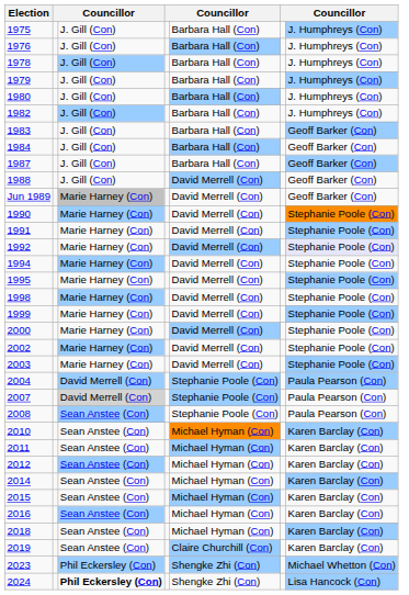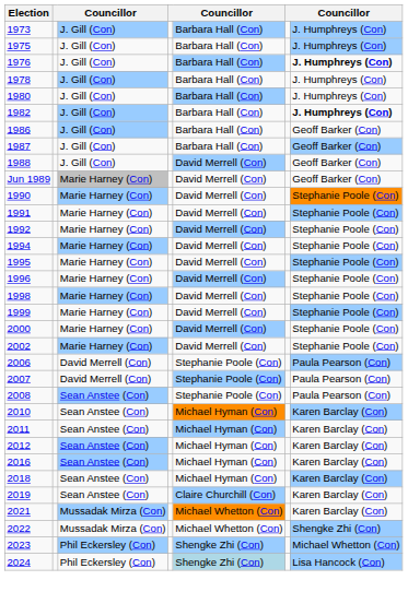 <table class="wikitable">
 <tr>
 <th>Election</th>
 <th colspan="2">Councillor</th>
 <th colspan="2">Councillor</th>
 <th colspan="2">Councillor</th>
+</tr>
+<tr>
+<td><a href='#'>1973</a></td>
+<td style="background-color: "></td>
+<td bgcolor="#99CCFF">J. Gill (<a href='#'>Con</a>)</td>
+<td style="background-color: "></td>
+<td bgcolor="#99CCFF">Barbara Hall (<a href='#'>Con</a>)</td>
+<td style="background-color: "></td>
+<td bgcolor="#99CCFF">J. Humphreys (<a href='#'>Con</a>)</td>
 </tr>
 <tr>
 <td><a href='#'>1975</a></td>
 <td style="background-color: "></td>
 <td>J. Gill (<a href='#'>Con</a>)</td>
 <td style="background-color: "></td>
 <td>Barbara Hall (<a href='#'>Con</a>)</td>
 <td style="background-color: "></td>
 <td bgcolor="#99CCFF">J. Humphreys (<a href='#'>Con</a>)</td>
 </tr>
 <tr>
 <td><a href='#'>1976</a></td>
 <td style="background-color: "></td>
 <td>J. Gill (<a href='#'>Con</a>)</td>
 <td style="background-color: "></td>
 <td bgcolor="#99CCFF">Barbara Hall (<a href='#'>Con</a>)</td>
 <td style="background-color: "></td>
-<td>J. Humphreys (<a href='#'>Con</a>)</td>
+<td><strong>J. Humphreys (<a href='#'>Con</a>)</strong></td>
 </tr>
 <tr>
 <td><a href='#'>1978</a></td>
 <td style="background-color: "></td>
 <td bgcolor="#99CCFF">J. Gill (<a href='#'>Con</a>)</td>
 <td style="background-color: "></td>
 <td>Barbara Hall (<a href='#'>Con</a>)</td>
 <td style="background-color: "></td>
 <td>J. Humphreys (<a href='#'>Con</a>)</td>
-</tr>
-<tr>
-<td><a href='#'>1979</a></td>
-<td style="background-color: "></td>
-<td>J. Gill (<a href='#'>Con</a>)</td>
-<td style="background-color: "></td>
-<td>Barbara Hall (<a href='#'>Con</a>)</td>
-<td style="background-color: "></td>
-<td bgcolor="#99CCFF">J. Humphreys (<a href='#'>Con</a>)</td>
 </tr>
 <tr>
 <td><a href='#'>1980</a></td>
 <td style="background-color: "></td>
 <td>J. Gill (<a href='#'>Con</a>)</td>
 <td style="background-color: "></td>
 <td bgcolor="#99CCFF">Barbara Hall (<a href='#'>Con</a>)</td>
 <td style="background-color: "></td>
 <td>J. Humphreys (<a href='#'>Con</a>)</td>
 </tr>
 <tr>
 <td><a href='#'>1982</a></td>
 <td style="background-color: "></td>
 <td bgcolor="#99CCFF">J. Gill (<a href='#'>Con</a>)</td>
 <td style="background-color: "></td>
 <td>Barbara Hall (<a href='#'>Con</a>)</td>
 <td style="background-color: "></td>
-<td>J. Humphreys (<a href='#'>Con</a>)</td>
+<td><strong>J. Humphreys (<a href='#'>Con</a>)</strong></td>
 </tr>
 <tr>
-<td><a href='#'>1983</a></td>
+<td><a href='#'>1986</a></td>
 <td style="background-color: "></td>
-<td>J. Gill (<a href='#'>Con</a>)</td>
+<td bgcolor="#99CCFF">J. Gill (<a href='#'>Con</a>)</td>
 <td style="background-color: "></td>
 <td>Barbara Hall (<a href='#'>Con</a>)</td>
-<td style="background-color: "></td>
-<td bgcolor="#99CCFF">Geoff Barker (<a href='#'>Con</a>)</td>
-</tr>
-<tr>
-<td><a href='#'>1984</a></td>
-<td style="background-color: "></td>
-<td>J. Gill (<a href='#'>Con</a>)</td>
-<td style="background-color: "></td>
-<td bgcolor="#99CCFF">Barbara Hall (<a href='#'>Con</a>)</td>
 <td style="background-color: "></td>
 <td>Geoff Barker (<a href='#'>Con</a>)</td>
 </tr>
 <tr>
 <td><a href='#'>1987</a></td>
 <td style="background-color: "></td>
 <td>J. Gill (<a href='#'>Con</a>)</td>
 <td style="background-color: "></td>
 <td>Barbara Hall (<a href='#'>Con</a>)</td>
 <td style="background-color: "></td>
 <td bgcolor="#99CCFF">Geoff Barker (<a href='#'>Con</a>)</td>
 </tr>
 <tr>
 <td><a href='#'>1988</a></td>
 <td style="background-color: "></td>
 <td>J. Gill (<a href='#'>Con</a>)</td>
 <td style="background-color: "></td>
 <td bgcolor="#99CCFF">David Merrell (<a href='#'>Con</a>)</td>
 <td style="background-color: "></td>
 <td>Geoff Barker (<a href='#'>Con</a>)</td>
 </tr>
 <tr>
 <td><a href='#'>Jun 1989</a></td>
 <td style="background-color: "></td>
 <td bgcolor="#C0C0C0">Marie Harney (<a href='#'>Con</a>)</td>
 <td style="background-color: "></td>
 <td>David Merrell (<a href='#'>Con</a>)</td>
 <td style="background-color: "></td>
 <td>Geoff Barker (<a href='#'>Con</a>)</td>
 </tr>
 <tr>
 <td><a href='#'>1990</a></td>
 <td style="background-color: "></td>
 <td bgcolor="#99CCFF">Marie Harney (<a href='#'>Con</a>)</td>
 <td style="background-color: "></td>
 <td>David Merrell (<a href='#'>Con</a>)</td>
 <td style="background-color: "></td>
 <td bgcolor="#FF8C00">Stephanie Poole (<a href='#'>Con</a>)</td>
 </tr>
 <tr>
 <td><a href='#'>1991</a></td>
 <td style="background-color: "></td>
 <td>Marie Harney (<a href='#'>Con</a>)</td>
 <td style="background-color: "></td>
 <td>David Merrell (<a href='#'>Con</a>)</td>
 <td style="background-color: "></td>
 <td bgcolor="#99CCFF">Stephanie Poole (<a href='#'>Con</a>)</td>
 </tr>
 <tr>
 <td><a href='#'>1992</a></td>
 <td style="background-color: "></td>
 <td>Marie Harney (<a href='#'>Con</a>)</td>
 <td style="background-color: "></td>
 <td bgcolor="#99CCFF">David Merrell (<a href='#'>Con</a>)</td>
 <td style="background-color: "></td>
-<td style="background: lavender;">Stephanie Poole (<a href='#'>Con</a>)</td>
+<td>Stephanie Poole (<a href='#'>Con</a>)</td>
 </tr>
 <tr>
 <td><a href='#'>1994</a></td>
 <td style="background-color: "></td>
 <td bgcolor="#99CCFF">Marie Harney (<a href='#'>Con</a>)</td>
 <td style="background-color: "></td>
 <td>David Merrell (<a href='#'>Con</a>)</td>
 <td style="background-color: "></td>
 <td>Stephanie Poole (<a href='#'>Con</a>)</td>
 </tr>
 <tr>
 <td><a href='#'>1995</a></td>
 <td style="background-color: "></td>
 <td>Marie Harney (<a href='#'>Con</a>)</td>
 <td style="background-color: "></td>
 <td>David Merrell (<a href='#'>Con</a>)</td>
 <td style="background-color: "></td>
 <td bgcolor="#99CCFF">Stephanie Poole (<a href='#'>Con</a>)</td>
+</tr>
+<tr>
+<td><a href='#'>1996</a></td>
+<td style="background-color: "></td>
+<td>Marie Harney (<a href='#'>Con</a>)</td>
+<td style="background-color: "></td>
+<td bgcolor="#99CCFF">David Merrell (<a href='#'>Con</a>)</td>
+<td style="background-color: "></td>
+<td>Stephanie Poole (<a href='#'>Con</a>)</td>
 </tr>
 <tr>
 <td><a href='#'>1998</a></td>
 <td style="background-color: "></td>
 <td bgcolor="#99CCFF">Marie Harney (<a href='#'>Con</a>)</td>
 <td style="background-color: "></td>
 <td>David Merrell (<a href='#'>Con</a>)</td>
 <td style="background-color: "></td>
 <td>Stephanie Poole (<a href='#'>Con</a>)</td>
 </tr>
 <tr>
 <td><a href='#'>1999</a></td>
 <td style="background-color: "></td>
 <td>Marie Harney (<a href='#'>Con</a>)</td>
 <td style="background-color: "></td>
 <td>David Merrell (<a href='#'>Con</a>)</td>
 <td style="background-color: "></td>
 <td bgcolor="#99CCFF">Stephanie Poole (<a href='#'>Con</a>)</td>
 </tr>
 <tr>
 <td><a href='#'>2000</a></td>
 <td style="background-color: "></td>
 <td>Marie Harney (<a href='#'>Con</a>)</td>
 <td style="background-color: "></td>
 <td bgcolor="#99CCFF">David Merrell (<a href='#'>Con</a>)</td>
 <td style="background-color: "></td>
 <td>Stephanie Poole (<a href='#'>Con</a>)</td>
 </tr>
 <tr>
 <td><a href='#'>2002</a></td>
 <td style="background-color: "></td>
 <td bgcolor="#99CCFF">Marie Harney (<a href='#'>Con</a>)</td>
 <td style="background-color: "></td>
 <td>David Merrell (<a href='#'>Con</a>)</td>
 <td style="background-color: "></td>
 <td>Stephanie Poole (<a href='#'>Con</a>)</td>
 </tr>
 <tr>
-<td><a href='#'>2003</a></td>
-<td style="background-color: "></td>
-<td>Marie Harney (<a href='#'>Con</a>)</td>
+<td><a href='#'>2006</a></td>
 <td style="background-color: "></td>
 <td>David Merrell (<a href='#'>Con</a>)</td>
 <td style="background-color: "></td>
-<td bgcolor="#99CCFF">Stephanie Poole (<a href='#'>Con</a>)</td>
-</tr>
-<tr>
-<td><a href='#'>2004</a></td>
-<td style="background-color: "></td>
-<td bgcolor="#99CCFF">David Merrell (<a href='#'>Con</a>)</td>
-<td style="background-color: "></td>
-<td bgcolor="#99CCFF">Stephanie Poole (<a href='#'>Con</a>)</td>
+<td>Stephanie Poole (<a href='#'>Con</a>)</td>
 <td style="background-color: "></td>
 <td bgcolor="#99CCFF">Paula Pearson (<a href='#'>Con</a>)</td>
 </tr>
 <tr>
 <td><a href='#'>2007</a></td>
 <td style="background-color: "></td>
-<td style="background: lightgrey;">David Merrell (<a href='#'>Con</a>)</td>
+<td>David Merrell (<a href='#'>Con</a>)</td>
 <td style="background-color: "></td>
 <td bgcolor="#99CCFF">Stephanie Poole (<a href='#'>Con</a>)</td>
 <td style="background-color: "></td>
 <td>Paula Pearson (<a href='#'>Con</a>)</td>
 </tr>
 <tr>
 <td><a href='#'>2008</a></td>
 <td style="background-color: "></td>
 <td bgcolor="#99CCFF"><a href='#'>Sean Anstee</a> (<a href='#'>Con</a>)</td>
 <td style="background-color: "></td>
 <td>Stephanie Poole (<a href='#'>Con</a>)</td>
 <td style="background-color: "></td>
 <td>Paula Pearson (<a href='#'>Con</a>)</td>
 </tr>
 <tr>
 <td><a href='#'>2010</a></td>
 <td style="background-color: "></td>
 <td>Sean Anstee (<a href='#'>Con</a>)</td>
 <td style="background-color: "></td>
 <td bgcolor="#FF8C00">Michael Hyman (<a href='#'>Con</a>)</td>
 <td style="background-color: "></td>
 <td bgcolor="#99CCFF">Karen Barclay (<a href='#'>Con</a>)</td>
 </tr>
 <tr>
 <td><a href='#'>2011</a></td>
 <td style="background-color: "></td>
 <td>Sean Anstee (<a href='#'>Con</a>)</td>
 <td style="background-color: "></td>
 <td bgcolor="#99CCFF">Michael Hyman (<a href='#'>Con</a>)</td>
 <td style="background-color: "></td>
 <td>Karen Barclay (<a href='#'>Con</a>)</td>
 </tr>
 <tr>
 <td><a href='#'>2012</a></td>
 <td style="background-color: "></td>
 <td bgcolor="#99CCFF"><a href='#'>Sean Anstee</a> (<a href='#'>Con</a>)</td>
 <td style="background-color: "></td>
 <td>Michael Hyman (<a href='#'>Con</a>)</td>
 <td style="background-color: "></td>
 <td>Karen Barclay (<a href='#'>Con</a>)</td>
 </tr>
 <tr>
-<td><a href='#'>2014</a></td>
-<td style="background-color: "></td>
-<td>Sean Anstee (<a href='#'>Con</a>)</td>
-<td style="background-color: "></td>
-<td>Michael Hyman (<a href='#'>Con</a>)</td>
-<td style="background-color: "></td>
-<td bgcolor="#99CCFF">Karen Barclay (<a href='#'>Con</a>)</td>
-</tr>
-<tr>
-<td><a href='#'>2015</a></td>
-<td style="background-color: "></td>
-<td>Sean Anstee (<a href='#'>Con</a>)</td>
-<td style="background-color: "></td>
-<td bgcolor="#99CCFF">Michael Hyman (<a href='#'>Con</a>)</td>
-<td style="background-color: "></td>
-<td>Karen Barclay (<a href='#'>Con</a>)</td>
-</tr>
-<tr>
 <td><a href='#'>2016</a></td>
 <td style="background-color: "></td>
 <td bgcolor="#99CCFF"><a href='#'>Sean Anstee</a> (<a href='#'>Con</a>)</td>
 <td style="background-color: "></td>
 <td>Michael Hyman (<a href='#'>Con</a>)</td>
 <td style="background-color: "></td>
 <td>Karen Barclay (<a href='#'>Con</a>)</td>
 </tr>
 <tr>
 <td><a href='#'>2018</a></td>
 <td style="background-color: "></td>
 <td>Sean Anstee (<a href='#'>Con</a>)</td>
 <td style="background-color: "></td>
 <td>Michael Hyman (<a href='#'>Con</a>)</td>
 <td style="background-color: "></td>
 <td bgcolor="#99CCFF">Karen Barclay (<a href='#'>Con</a>)</td>
 </tr>
 <tr>
 <td><a href='#'>2019</a></td>
 <td style="background-color: "></td>
 <td>Sean Anstee (<a href='#'>Con</a>)</td>
 <td style="background-color: "></td>
 <td bgcolor="#99CCFF">Claire Churchill (<a href='#'>Con</a>)</td>
 <td style="background-color: "></td>
 <td>Karen Barclay (<a href='#'>Con</a>)</td>
 </tr>
 <tr>
+<td><a href='#'>2021</a></td>
+<td style="background-color: "></td>
+<td bgcolor="#99CCFF">Mussadak Mirza (<a href='#'>Con</a>)</td>
+<td style="background-color: "></td>
+<td bgcolor="#FF8C00">Michael Whetton (<a href='#'>Con</a>)</td>
+<td style="background-color: "></td>
+<td>Karen Barclay (<a href='#'>Con</a>)</td>
+</tr>
+<tr>
+<td><a href='#'>2022</a></td>
+<td style="background-color: "></td>
+<td>Mussadak Mirza (<a href='#'>Con</a>)</td>
+<td style="background-color: "></td>
+<td>Michael Whetton (<a href='#'>Con</a>)</td>
+<td style="background-color: "></td>
+<td bgcolor="#99CCFF">Shengke Zhi (<a href='#'>Con</a>)</td>
+</tr>
+<tr>
 <td><a href='#'>2023</a></td>
 <td style="background-color: "></td>
 <td bgcolor="#99CCFF">Phil Eckersley (<a href='#'>Con</a>)</td>
 <td style="background-color: "></td>
 <td bgcolor="#99CCFF">Shengke Zhi (<a href='#'>Con</a>)</td>
 <td style="background-color: "></td>
 <td bgcolor="#99CCFF">Michael Whetton (<a href='#'>Con</a>)</td>
 </tr>
 <tr>
 <td><a href='#'>2024</a></td>
 <td style="background-color: "></td>
-<td><strong>Phil Eckersley (<a href='#'>Con</a>)</strong></td>
+<td>Phil Eckersley (<a href='#'>Con</a>)</td>
 <td style="background-color: "></td>
-<td>Shengke Zhi (<a href='#'>Con</a>)</td>
+<td style="background: lightblue;">Shengke Zhi (<a href='#'>Con</a>)</td>
 <td style="background-color: "></td>
 <td bgcolor="#99CCFF">Lisa Hancock (<a href='#'>Con</a>)</td>
 </tr>
 </table>
